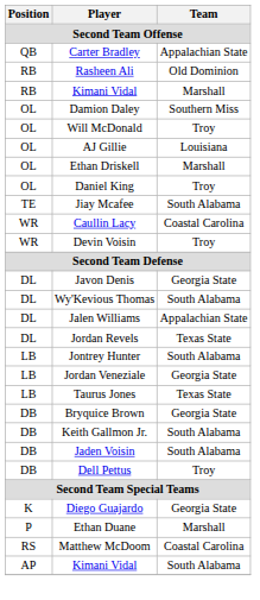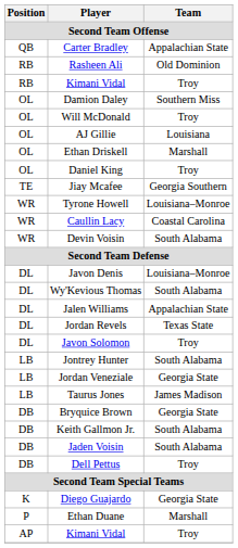 <table class="wikitable" border="0" style="text-align:center;">
 <tr>
 <th>Position</th>
 <th>Player</th>
 <th>Team</th>
 </tr>
 <tr>
 <td colspan="3" style="text-align:center; background:#ddd;"><strong>Second Team Offense </strong></td>
 </tr>
 <tr>
 <td style="background:white">QB</td>
 <td style="background:white"><a href='#'>Carter Bradley</a></td>
 <td style="background:white">Appalachian State</td>
 </tr>
 <tr>
 <td style="background:white">RB</td>
 <td style="background:white"><a href='#'>Rasheen Ali</a></td>
 <td style="background:white">Old Dominion</td>
 </tr>
 <tr>
 <td style="background:white">RB</td>
 <td style="background:white"><a href='#'>Kimani Vidal</a></td>
-<td style="background:white">Marshall</td>
+<td style="background:white">Troy</td>
 </tr>
 <tr>
 <td style="background:white">OL</td>
 <td style="background:white">Damion Daley</td>
 <td style="background:white">Southern Miss</td>
 </tr>
 <tr>
 <td style="background:white">OL</td>
 <td style="background:white">Will McDonald</td>
 <td style="background:white">Troy</td>
 </tr>
 <tr>
 <td style="background:white">OL</td>
 <td style="background:white">AJ Gillie</td>
 <td style="background:white">Louisiana</td>
 </tr>
 <tr>
 <td style="background:white">OL</td>
 <td style="background:white">Ethan Driskell</td>
 <td style="background:white">Marshall</td>
 </tr>
 <tr>
 <td style="background:white">OL</td>
 <td style="background:white">Daniel King</td>
 <td style="background:white">Troy</td>
 </tr>
 <tr>
 <td style="background:white">TE</td>
 <td style="background:white">Jiay Mcafee</td>
-<td style="background:white">South Alabama</td>
+<td style="background:white">Georgia Southern</td>
+</tr>
+<tr>
+<td style="background:white">WR</td>
+<td style="background:white">Tyrone Howell</td>
+<td style="background:white">Louisiana–Monroe</td>
 </tr>
 <tr>
 <td style="background:white">WR</td>
 <td style="background:white"><a href='#'>Caullin Lacy</a></td>
 <td style="background:white">Coastal Carolina</td>
 </tr>
 <tr>
 <td style="background:white">WR</td>
 <td style="background:white">Devin Voisin</td>
-<td style="background:white">Troy</td>
+<td style="background:white">South Alabama</td>
 </tr>
 <tr>
 <td colspan="3" style="text-align:center; background:#ddd;"><strong>Second Team Defense </strong></td>
 </tr>
 <tr>
 <td style="background:white">DL</td>
 <td style="background:white">Javon Denis</td>
-<td style="background:white">Georgia State</td>
+<td style="background:white">Louisiana–Monroe</td>
 </tr>
 <tr>
 <td style="background:white">DL</td>
 <td style="background:white">Wy'Kevious Thomas</td>
 <td style="background:white">South Alabama</td>
 </tr>
 <tr>
 <td style="background:white">DL</td>
 <td style="background:white">Jalen Williams</td>
 <td style="background:white">Appalachian State</td>
 </tr>
 <tr>
 <td style="background:white">DL</td>
 <td style="background:white">Jordan Revels</td>
 <td style="background:white">Texas State</td>
 </tr>
 <tr>
+<td style="background:white">DL</td>
+<td style="background:white"><a href='#'>Javon Solomon</a></td>
+<td style="background:white">Troy</td>
+</tr>
+<tr>
 <td style="background:white">LB</td>
 <td style="background:white">Jontrey Hunter</td>
 <td style="background:white">South Alabama</td>
 </tr>
 <tr>
 <td style="background:white">LB</td>
 <td style="background:white">Jordan Veneziale</td>
 <td style="background:white">Georgia State</td>
 </tr>
 <tr>
 <td style="background:white">LB</td>
 <td style="background:white">Taurus Jones</td>
-<td style="background:white">Texas State</td>
+<td style="background:white">James Madison</td>
 </tr>
 <tr>
 <td style="background:white">DB</td>
 <td style="background:white">Bryquice Brown</td>
 <td style="background:white">Georgia State</td>
 </tr>
 <tr>
 <td style="background:white">DB</td>
 <td style="background:white">Keith Gallmon Jr.</td>
 <td style="background:white">South Alabama</td>
 </tr>
 <tr>
 <td style="background:white">DB</td>
 <td style="background:white"><a href='#'>Jaden Voisin</a></td>
 <td style="background:white">South Alabama</td>
 </tr>
 <tr>
 <td style="background:white">DB</td>
 <td style="background:white"><a href='#'>Dell Pettus</a></td>
 <td style="background:white">Troy</td>
 </tr>
 <tr>
 <td colspan="3" style="text-align:center; background:#ddd;"><strong>Second Team Special Teams </strong></td>
 </tr>
 <tr>
 <td style="background:white">K</td>
 <td style="background:white"><a href='#'>Diego Guajardo</a></td>
 <td style="background:white">Georgia State</td>
 </tr>
 <tr>
 <td style="background:white">P</td>
 <td style="background:white">Ethan Duane</td>
 <td style="background:white">Marshall</td>
 </tr>
 <tr>
-<td style="background:white">RS</td>
-<td style="background:white">Matthew McDoom</td>
-<td style="background:white">Coastal Carolina</td>
-</tr>
-<tr>
 <td style="background:white">AP</td>
 <td style="background:white"><a href='#'>Kimani Vidal</a></td>
-<td style="background:white">South Alabama</td>
+<td style="background:white">Troy</td>
 </tr>
 <tr>
 </tr>
 </table>
